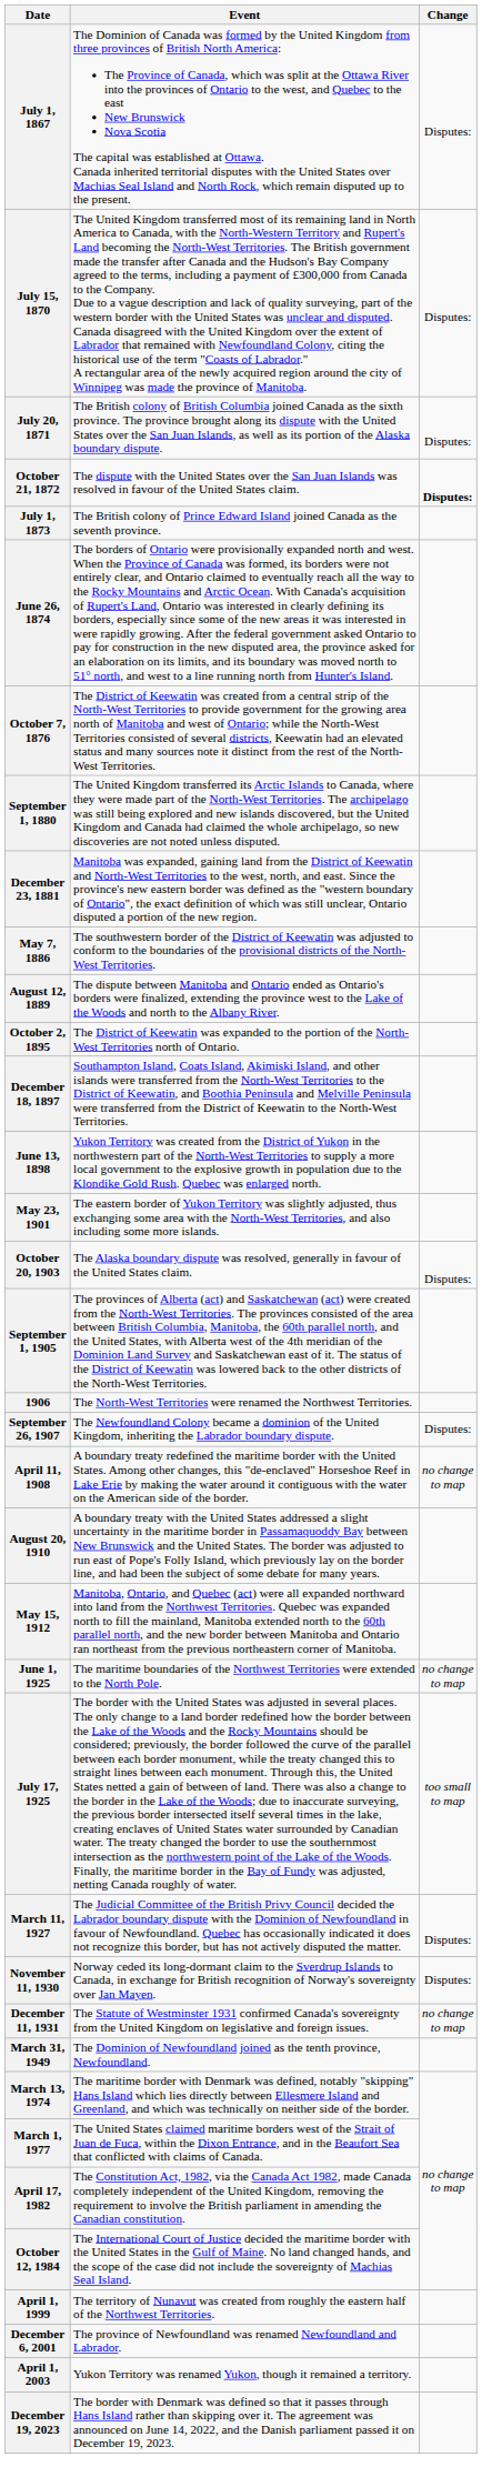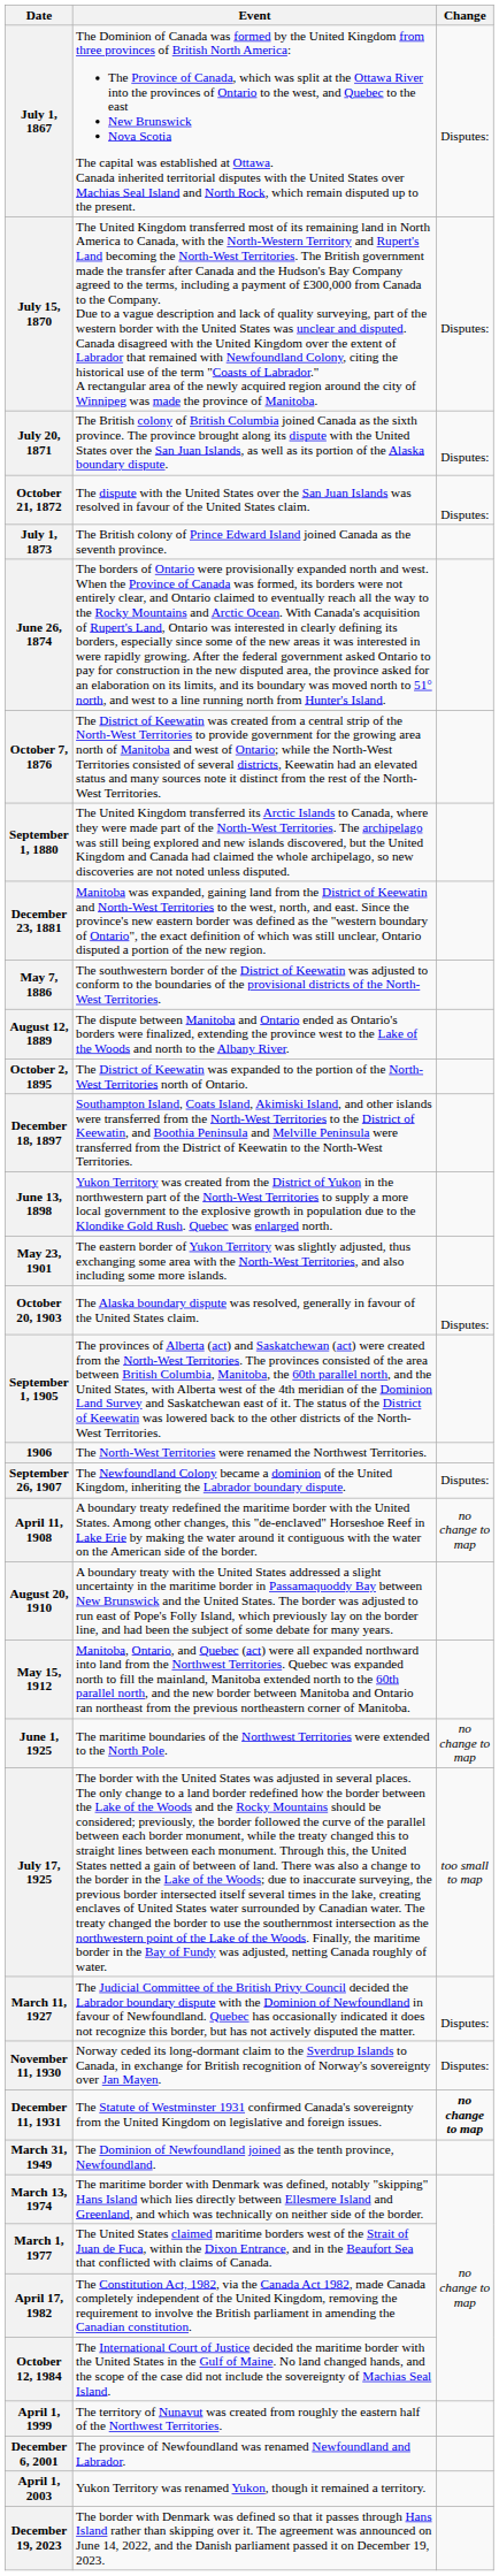 <table class="wikitable sortable sticky-header" style=text-align:left" style="margin:1em auto;">
 <tr>
 <th>Date</th>
 <th>Event</th>
 <th>Change</th>
 </tr>
 <tr>
 <th scope="row">July 1, 1867</th>
 <td>The Dominion of Canada was <a href='#'>formed</a> by the United Kingdom <a href='#'>from three provinces</a> of <a href='#'>British North America</a>:<br><ul><li>The <a href='#'>Province of Canada</a>, which was split at the <a href='#'>Ottawa River</a> into the provinces of <a href='#'>Ontario</a> to the west, and <a href='#'>Quebec</a> to the east</li><li><a href='#'>New Brunswick</a></li><li><a href='#'>Nova Scotia</a></li></ul>The capital was established at <a href='#'>Ottawa</a>.<br>Canada inherited territorial disputes with the United States over <a href='#'>Machias Seal Island</a> and <a href='#'>North Rock</a>, which remain disputed up to the present.</td>
 <td align="center"><br><br>Disputes:<br></td>
 </tr>
 <tr>
 <th scope="row">July 15, 1870</th>
 <td>The United Kingdom transferred most of its remaining land in North America to Canada, with the <a href='#'>North-Western Territory</a> and <a href='#'>Rupert's Land</a> becoming the <a href='#'>North-West Territories</a>. The British government made the transfer after Canada and the Hudson's Bay Company agreed to the terms, including a payment of £300,000 from Canada to the Company.<br>Due to a vague description and lack of quality surveying, part of the western border with the United States was <a href='#'>unclear and disputed</a>. Canada disagreed with the United Kingdom over the extent of <a href='#'>Labrador</a> that remained with <a href='#'>Newfoundland Colony</a>, citing the historical use of the term "<a href='#'>Coasts of Labrador</a>."<br>A rectangular area of the newly acquired region around the city of <a href='#'>Winnipeg</a> was <a href='#'>made</a> the province of <a href='#'>Manitoba</a>.</td>
 <td align="center"><br><br>Disputes:<br></td>
 </tr>
 <tr>
 <th scope="row">July 20, 1871</th>
 <td>The British <a href='#'>colony</a> of <a href='#'>British Columbia</a> joined Canada as the sixth province. The province brought along its <a href='#'>dispute</a> with the United States over the <a href='#'>San Juan Islands</a>, as well as its portion of the <a href='#'>Alaska boundary dispute</a>.</td>
 <td align="center"><br><br>Disputes:<br></td>
 </tr>
 <tr>
 <th scope="row">October 21, 1872</th>
 <td>The <a href='#'>dispute</a> with the United States over the <a href='#'>San Juan Islands</a> was resolved in favour of the United States claim.</td>
-<td align="center"><strong><br><br>Disputes:<br></strong></td>
+<td align="center"><br><br>Disputes:<br></td>
 </tr>
 <tr>
 <th scope="row">July 1, 1873</th>
 <td>The British colony of <a href='#'>Prince Edward Island</a> joined Canada as the seventh province.</td>
 <td></td>
 </tr>
 <tr>
 <th scope="row">June 26, 1874</th>
 <td>The borders of <a href='#'>Ontario</a> were provisionally expanded north and west. When the <a href='#'>Province of Canada</a> was formed, its borders were not entirely clear, and Ontario claimed to eventually reach all the way to the <a href='#'>Rocky Mountains</a> and <a href='#'>Arctic Ocean</a>. With Canada's acquisition of <a href='#'>Rupert's Land</a>, Ontario was interested in clearly defining its borders, especially since some of the new areas it was interested in were rapidly growing. After the federal government asked Ontario to pay for construction in the new disputed area, the province asked for an elaboration on its limits, and its boundary was moved north to <a href='#'>51° north</a>, and west to a line running north from <a href='#'>Hunter's Island</a>.</td>
 <td></td>
 </tr>
 <tr>
 <th scope="row">October 7, 1876</th>
 <td>The <a href='#'>District of Keewatin</a> was created from a central strip of the <a href='#'>North-West Territories</a> to provide government for the growing area north of <a href='#'>Manitoba</a> and west of <a href='#'>Ontario</a>; while the North-West Territories consisted of several <a href='#'>districts</a>, Keewatin had an elevated status and many sources note it distinct from the rest of the North-West Territories.</td>
 <td></td>
 </tr>
 <tr>
 <th scope="row">September 1, 1880</th>
 <td>The United Kingdom transferred its <a href='#'>Arctic Islands</a> to Canada, where they were made part of the <a href='#'>North-West Territories</a>. The <a href='#'>archipelago</a> was still being explored and new islands discovered, but the United Kingdom and Canada had claimed the whole archipelago, so new discoveries are not noted unless disputed.</td>
 <td></td>
 </tr>
 <tr>
 <th scope="row">December 23, 1881</th>
 <td><a href='#'>Manitoba</a> was expanded, gaining land from the <a href='#'>District of Keewatin</a> and <a href='#'>North-West Territories</a> to the west, north, and east. Since the province's new eastern border was defined as the "western boundary of <a href='#'>Ontario</a>", the exact definition of which was still unclear, Ontario disputed a portion of the new region.</td>
 <td></td>
 </tr>
 <tr>
 <th scope="row">May 7, 1886</th>
 <td>The southwestern border of the <a href='#'>District of Keewatin</a> was adjusted to conform to the boundaries of the <a href='#'>provisional districts of the North-West Territories</a>.</td>
 <td></td>
 </tr>
 <tr>
 <th scope="row">August 12, 1889</th>
 <td>The dispute between <a href='#'>Manitoba</a> and <a href='#'>Ontario</a> ended as Ontario's borders were finalized, extending the province west to the <a href='#'>Lake of the Woods</a> and north to the <a href='#'>Albany River</a>.</td>
 <td></td>
 </tr>
 <tr>
 <th scope="row">October 2, 1895</th>
 <td>The <a href='#'>District of Keewatin</a> was expanded to the portion of the <a href='#'>North-West Territories</a> north of Ontario.</td>
 <td></td>
 </tr>
 <tr>
 <th scope="row">December 18, 1897</th>
 <td><a href='#'>Southampton Island</a>, <a href='#'>Coats Island</a>, <a href='#'>Akimiski Island</a>, and other islands were transferred from the <a href='#'>North-West Territories</a> to the <a href='#'>District of Keewatin</a>, and <a href='#'>Boothia Peninsula</a> and <a href='#'>Melville Peninsula</a> were transferred from the District of Keewatin to the North-West Territories.</td>
 <td></td>
 </tr>
 <tr>
 <th scope="row">June 13, 1898</th>
 <td><a href='#'>Yukon Territory</a> was created from the <a href='#'>District of Yukon</a> in the northwestern part of the <a href='#'>North-West Territories</a> to supply a more local government to the explosive growth in population due to the <a href='#'>Klondike Gold Rush</a>. <a href='#'>Quebec</a> was <a href='#'>enlarged</a> north.</td>
 <td></td>
 </tr>
 <tr>
 <th scope="row">May 23, 1901</th>
 <td>The eastern border of <a href='#'>Yukon Territory</a> was slightly adjusted, thus exchanging some area with the <a href='#'>North-West Territories</a>, and also including some more islands.</td>
 <td></td>
 </tr>
 <tr>
 <th scope="row">October 20, 1903</th>
 <td>The <a href='#'>Alaska boundary dispute</a> was resolved, generally in favour of the United States claim.</td>
 <td align="center"><br><br>Disputes:<br></td>
 </tr>
 <tr>
 <th scope="row">September 1, 1905</th>
 <td>The provinces of <a href='#'>Alberta</a> (<a href='#'>act</a>) and <a href='#'>Saskatchewan</a> (<a href='#'>act</a>) were created from the <a href='#'>North-West Territories</a>. The provinces consisted of the area between <a href='#'>British Columbia</a>, <a href='#'>Manitoba</a>, the <a href='#'>60th parallel north</a>, and the United States, with Alberta west of the 4th meridian of the <a href='#'>Dominion Land Survey</a> and Saskatchewan east of it. The status of the <a href='#'>District of Keewatin</a> was lowered back to the other districts of the North-West Territories.</td>
 <td></td>
 </tr>
 <tr>
 <th scope="row">1906</th>
 <td>The <a href='#'>North-West Territories</a> were renamed the Northwest Territories.</td>
 <td></td>
 </tr>
 <tr>
 <th scope="row">September 26, 1907</th>
 <td>The <a href='#'>Newfoundland Colony</a> became a <a href='#'>dominion</a> of the United Kingdom, inheriting the <a href='#'>Labrador boundary dispute</a>.</td>
 <td align="center">Disputes:<br></td>
 </tr>
 <tr>
 <th scope="row">April 11, 1908</th>
 <td>A boundary treaty redefined the maritime border with the United States. Among other changes, this "de-enclaved" Horseshoe Reef in <a href='#'>Lake Erie</a> by making the water around it contiguous with the water on the American side of the border.</td>
 <td align="center"><em>no change to map</em></td>
 </tr>
 <tr>
 <th scope="row">August 20, 1910</th>
 <td>A boundary treaty with the United States addressed a slight uncertainty in the maritime border in <a href='#'>Passamaquoddy Bay</a> between <a href='#'>New Brunswick</a> and the United States. The border was adjusted to run east of Pope's Folly Island, which previously lay on the border line, and had been the subject of some debate for many years.</td>
 <td></td>
 </tr>
 <tr>
 <th scope="row">May 15, 1912</th>
 <td><a href='#'>Manitoba</a>, <a href='#'>Ontario</a>, and <a href='#'>Quebec</a> (<a href='#'>act</a>) were all expanded northward into land from the <a href='#'>Northwest Territories</a>. Quebec was expanded north to fill the mainland, Manitoba extended north to the <a href='#'>60th parallel north</a>, and the new border between Manitoba and Ontario ran northeast from the previous northeastern corner of Manitoba.</td>
 <td></td>
 </tr>
 <tr>
 <th scope="row">June 1, 1925</th>
 <td>The maritime boundaries of the <a href='#'>Northwest Territories</a> were extended to the <a href='#'>North Pole</a>.</td>
 <td align="center"><em>no change to map</em></td>
 </tr>
 <tr>
 <th scope="row">July 17, 1925</th>
 <td>The border with the United States was adjusted in several places. The only change to a land border redefined how the border between the <a href='#'>Lake of the Woods</a> and the <a href='#'>Rocky Mountains</a> should be considered; previously, the border followed the curve of the parallel between each border monument, while the treaty changed this to straight lines between each monument. Through this, the United States netted a gain of between  of land. There was also a change to the border in the <a href='#'>Lake of the Woods</a>; due to inaccurate surveying, the previous border intersected itself several times in the lake, creating enclaves of United States water surrounded by Canadian water. The treaty changed the border to use the southernmost intersection as the <a href='#'>northwestern point of the Lake of the Woods</a>. Finally, the maritime border in the <a href='#'>Bay of Fundy</a> was adjusted, netting Canada roughly  of water.</td>
 <td align="center"><em>too small to map</em></td>
 </tr>
 <tr>
 <th scope="row">March 11, 1927</th>
 <td>The <a href='#'>Judicial Committee of the British Privy Council</a> decided the <a href='#'>Labrador boundary dispute</a> with the <a href='#'>Dominion of Newfoundland</a> in favour of Newfoundland. <a href='#'>Quebec</a> has occasionally indicated it does not recognize this border, but has not actively disputed the matter.</td>
 <td align="center"><br><br>Disputes:<br></td>
 </tr>
 <tr>
 <th scope="row">November 11, 1930</th>
 <td>Norway ceded its long-dormant claim to the <a href='#'>Sverdrup Islands</a> to Canada, in exchange for British recognition of Norway's sovereignty over <a href='#'>Jan Mayen</a>.</td>
 <td align="center">Disputes:<br></td>
 </tr>
 <tr>
 <th scope="row">December 11, 1931</th>
 <td>The <a href='#'>Statute of Westminster 1931</a> confirmed Canada's sovereignty from the United Kingdom on legislative and foreign issues.</td>
-<td align="center"><em>no change to map</em></td>
+<td align="center"><strong><em>no change to map</em></strong></td>
 </tr>
 <tr>
 <th scope="row">March 31, 1949</th>
 <td>The <a href='#'>Dominion of Newfoundland</a> <a href='#'>joined</a> as the tenth province, <a href='#'>Newfoundland</a>.</td>
 <td></td>
 </tr>
 <tr>
 <th scope="row">March 13, 1974</th>
 <td>The maritime border with Denmark was defined, notably "skipping" <a href='#'>Hans Island</a> which lies directly between <a href='#'>Ellesmere Island</a> and <a href='#'>Greenland</a>, and which was technically on neither side of the border.</td>
 <td align="center" rowspan=4><em>no change to map</em></td>
 </tr>
 <tr>
 <th scope="row">March 1, 1977</th>
 <td>The United States <a href='#'>claimed</a> maritime borders west of the <a href='#'>Strait of Juan de Fuca</a>, within the <a href='#'>Dixon Entrance</a>, and in the <a href='#'>Beaufort Sea</a> that conflicted with claims of Canada.</td>
 </tr>
 <tr>
 <th scope="row">April 17, 1982</th>
 <td>The <a href='#'>Constitution Act, 1982</a>, via the <a href='#'>Canada Act 1982</a>, made Canada completely independent of the United Kingdom, removing the requirement to involve the British parliament in amending the <a href='#'>Canadian constitution</a>.</td>
 </tr>
 <tr>
 <th scope="row">October 12, 1984</th>
 <td>The <a href='#'>International Court of Justice</a> decided the maritime border with the United States in the <a href='#'>Gulf of Maine</a>. No land changed hands, and the scope of the case did not include the sovereignty of <a href='#'>Machias Seal Island</a>.</td>
 </tr>
 <tr>
 <th scope="row">April 1, 1999</th>
 <td>The territory of <a href='#'>Nunavut</a> was created from roughly the eastern half of the <a href='#'>Northwest Territories</a>.</td>
 <td></td>
 </tr>
 <tr>
 <th scope="row">December 6, 2001</th>
 <td>The province of Newfoundland was renamed <a href='#'>Newfoundland and Labrador</a>.</td>
 <td></td>
 </tr>
 <tr>
 <th scope="row">April 1, 2003</th>
 <td>Yukon Territory was renamed <a href='#'>Yukon</a>, though it remained a territory.</td>
 <td></td>
 </tr>
 <tr>
 <th scope="row">December 19, 2023</th>
 <td>The border with Denmark was defined so that it passes through <a href='#'>Hans Island</a> rather than skipping over it. The agreement was announced on June 14, 2022, and the Danish parliament passed it on December 19, 2023.</td>
 <td></td>
 </tr>
 </table>
